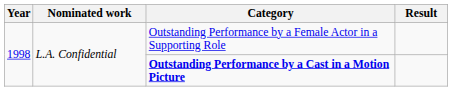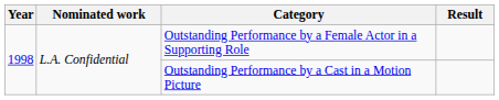 <table class=wikitable>
 <tr>
 <th width=4%>Year</th>
 <th width=26%>Nominated work</th>
 <th width=58%>Category</th>
 <th width=12%>Result</th>
 </tr>
 <tr>
 <td rowspan=2><a href='#'>1998</a></td>
 <td rowspan=2><em>L.A. Confidential</em></td>
 <td><a href='#'>Outstanding Performance by a Female Actor in a Supporting Role</a></td>
 <td></td>
 </tr>
 <tr>
-<td><strong><a href='#'>Outstanding Performance by a Cast in a Motion Picture</a></strong></td>
+<td><a href='#'>Outstanding Performance by a Cast in a Motion Picture</a></td>
 <td></td>
 </tr>
 </table>
